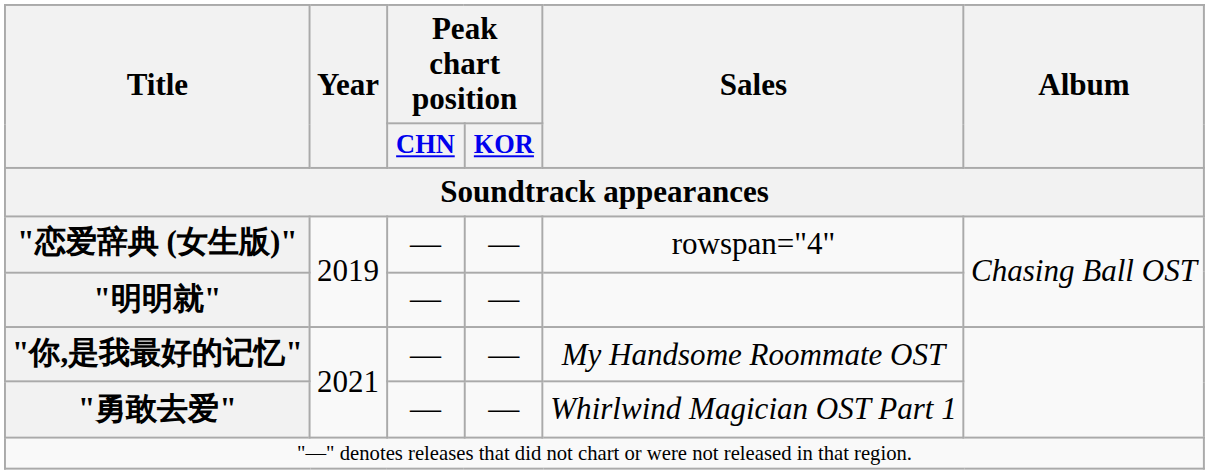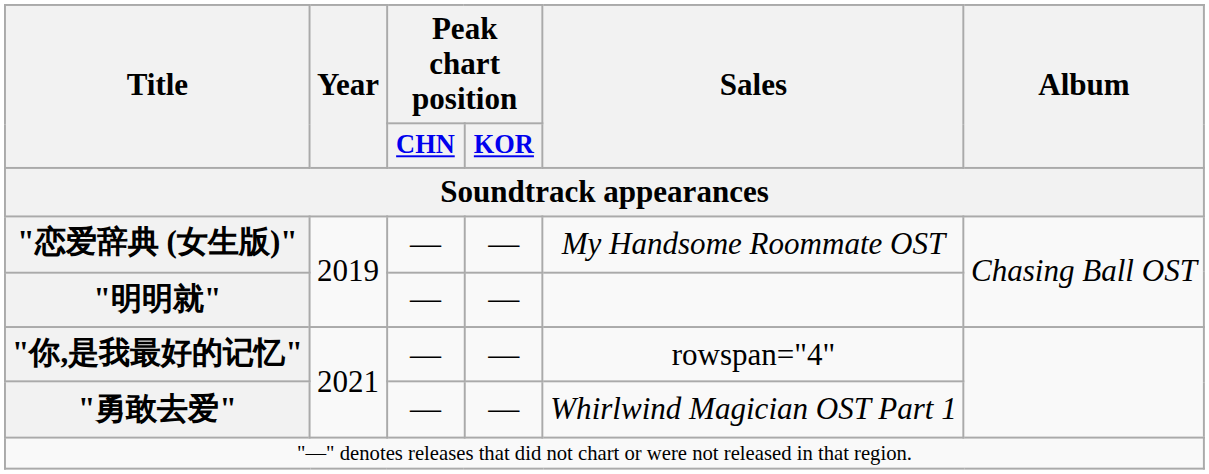 <table class="wikitable plainrowheaders" style="text-align:center;">
 <tr>
 <th scope="col" rowspan="2">Title</th>
 <th scope="col" rowspan="2">Year</th>
 <th scope="col" colspan="2">Peak chart position</th>
 <th scope="col" rowspan="2">Sales</th>
 <th scope="col" rowspan="2">Album</th>
 </tr>
 <tr>
 <th scope="col" style="width:2.5em;font-size:85%;"><a href='#'>CHN</a><br></th>
 <th scope="col" rowspan="1" style="width:2.5em;font-size:85%;"><a href='#'>KOR</a><br></th>
 </tr>
 <tr>
 <th scope=col colspan="7">Soundtrack appearances</th>
 </tr>
 <tr>
 <th scope="row">"恋爱辞典 (女生版)"<br></th>
 <td rowspan="2">2019</td>
 <td>—</td>
 <td>—</td>
-<td>rowspan="4" </td>
+<td><em>My Handsome Roommate OST</em></td>
 <td rowspan="2"><em>Chasing Ball OST</em></td>
 </tr>
 <tr>
 <th scope="row">"明明就"</th>
 <td>—</td>
 <td>—</td>
 </tr>
 <tr>
 <th scope="row">"你,是我最好的记忆"</th>
 <td rowspan="2">2021</td>
 <td>—</td>
 <td>—</td>
-<td><em>My Handsome Roommate OST</em></td>
+<td>rowspan="4" </td>
 </tr>
 <tr>
 <th scope="row">"勇敢去爱"</th>
 <td>—</td>
 <td>—</td>
 <td><em>Whirlwind Magician OST Part 1</em></td>
 </tr>
 <tr>
 <td colspan="7" style="font-size:8pt">"—" denotes releases that did not chart or were not released in that region.</td>
 </tr>
 </table>
